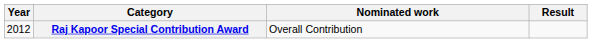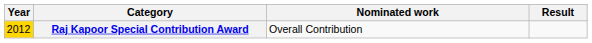 <table class="wikitable sortable plainrowheaders" style="width:100%;">
 <tr>
 <th scope="col" style="width:5%;">Year</th>
 <th scope="col" style="width:40%;">Category</th>
 <th scope="col" style="width:45%;">Nominated work</th>
 <th scope="col" style="width:10%;">Result</th>
 </tr>
 <tr>
-<td>2012</td>
+<td style="background: gold;">2012</td>
 <th scope="row"><a href='#'>Raj Kapoor Special Contribution Award</a></th>
 <td>Overall Contribution</td>
 <td></td>
 </tr>
 </table>
